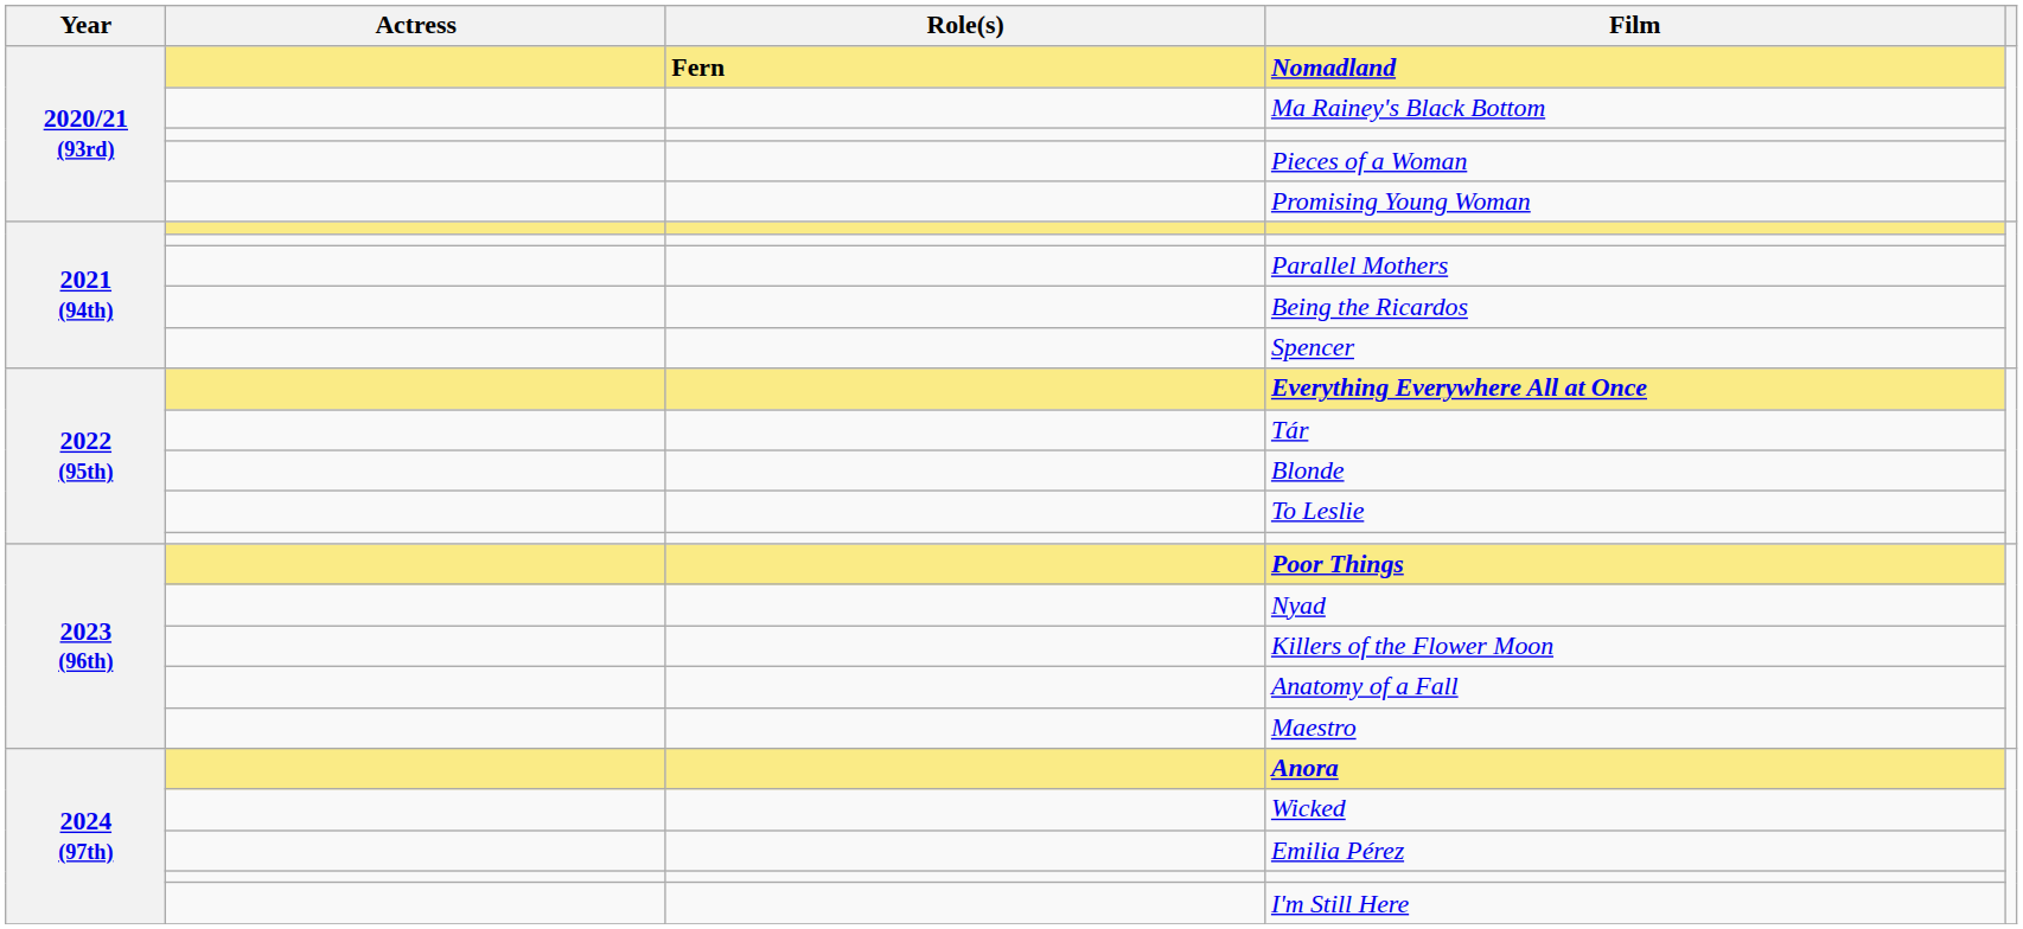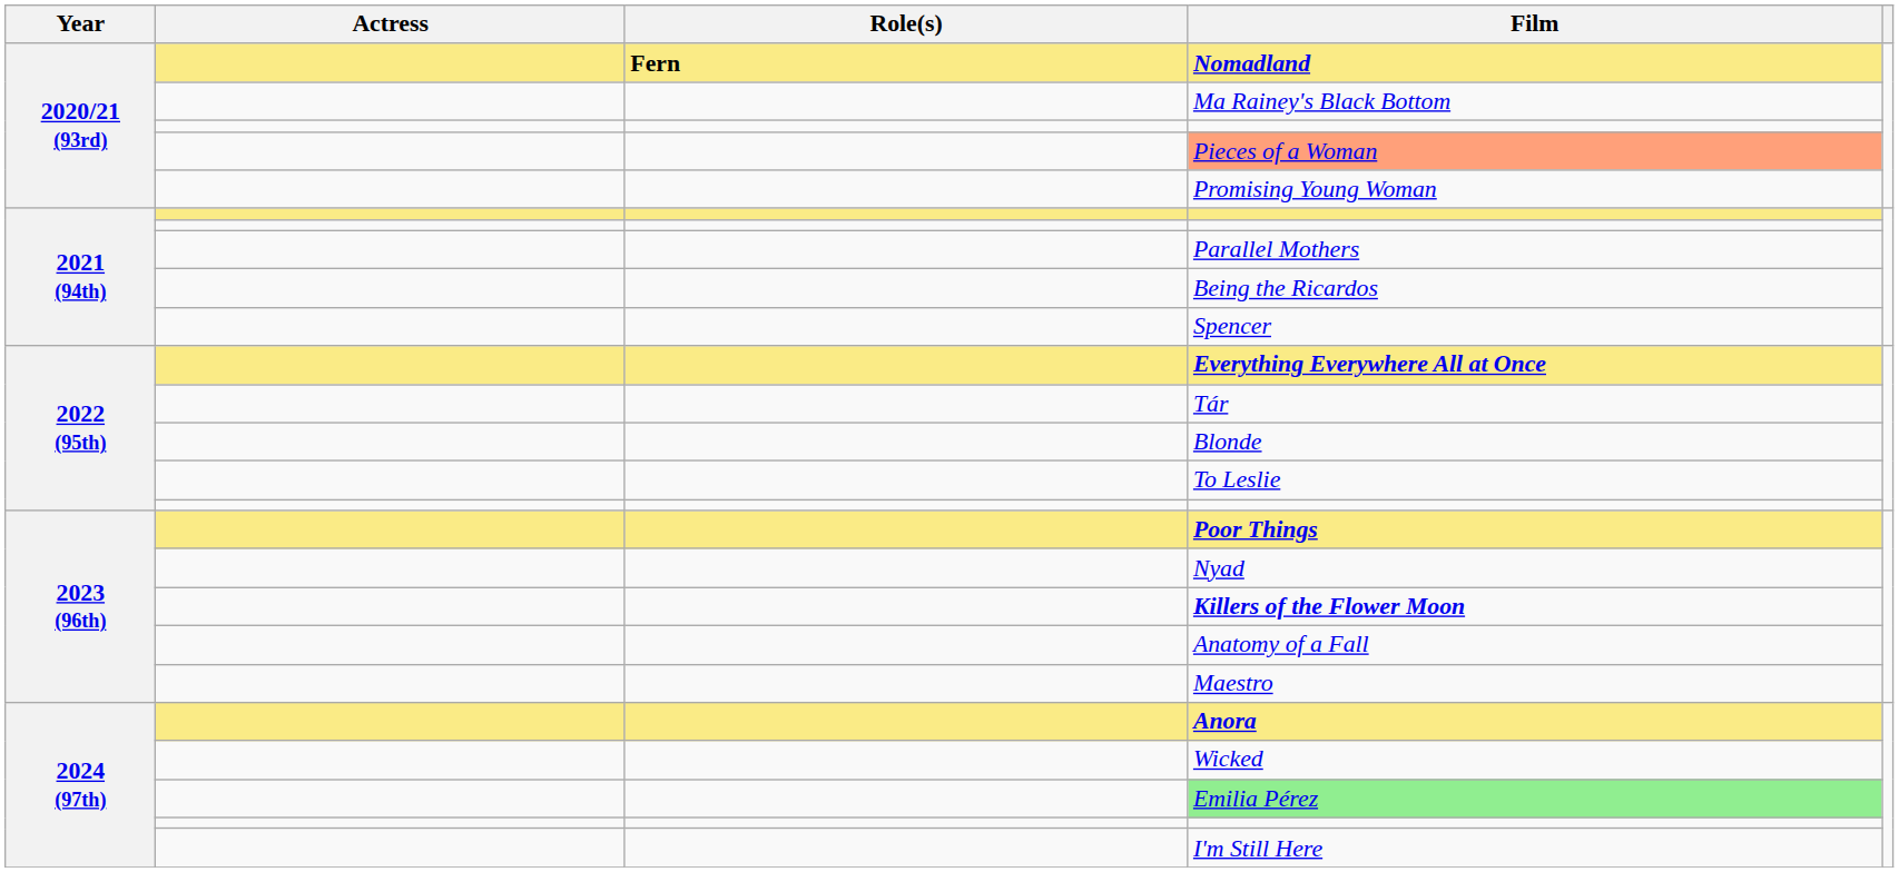 <table class="wikitable sortable">
 <tr>
 <th scope="col" style="width:8%;">Year</th>
 <th scope="col" style="width:25%;">Actress</th>
 <th scope="col" style="width:30%;">Role(s)</th>
 <th scope="col" style="width:70%;">Film</th>
 <th scope="col" style="width:2%;" class="unsortable"></th>
 </tr>
 <tr>
 <th scope="row" rowspan=5 style="text-align:center"><a href='#'>2020/21</a><br><small><a href='#'>(93rd)</a></small></th>
 <td style="background:#FAEB86;"><strong> </strong></td>
 <td style="background:#FAEB86;"><strong>Fern</strong></td>
 <td style="background:#FAEB86;"><strong><em><a href='#'>Nomadland</a></em></strong></td>
 <td rowspan="5"></td>
 </tr>
 <tr>
 <td></td>
 <td></td>
 <td><em><a href='#'>Ma Rainey's Black Bottom</a></em></td>
 </tr>
 <tr>
 <td></td>
 <td></td>
 <td></td>
 </tr>
 <tr>
 <td></td>
 <td></td>
-<td><em><a href='#'>Pieces of a Woman</a></em></td>
+<td style="background: lightsalmon;"><em><a href='#'>Pieces of a Woman</a></em></td>
 </tr>
 <tr>
 <td></td>
 <td></td>
 <td><em><a href='#'>Promising Young Woman</a></em></td>
 </tr>
 <tr>
 <th scope="row" rowspan=5 style="text-align:center"><a href='#'>2021</a><br><small><a href='#'>(94th)</a></small></th>
 <td style="background:#FAEB86;"><strong> </strong></td>
 <td style="background:#FAEB86;"><strong></strong></td>
 <td style="background:#FAEB86;"><strong></strong></td>
 <td rowspan="5"></td>
 </tr>
 <tr>
 <td></td>
 <td></td>
 <td></td>
 </tr>
 <tr>
 <td></td>
 <td></td>
 <td><em><a href='#'>Parallel Mothers</a></em></td>
 </tr>
 <tr>
 <td></td>
 <td></td>
 <td><em><a href='#'>Being the Ricardos</a></em></td>
 </tr>
 <tr>
 <td></td>
 <td></td>
 <td><em><a href='#'>Spencer</a></em></td>
 </tr>
 <tr>
 <th scope="row" rowspan=5 style="text-align:center"><a href='#'>2022</a><br><small><a href='#'>(95th)</a></small></th>
 <td style="background:#FAEB86;"><strong> </strong></td>
 <td style="background:#FAEB86;"><strong></strong></td>
 <td style="background:#FAEB86;"><strong><em><a href='#'>Everything Everywhere All at Once</a></em></strong></td>
 <td rowspan="5"></td>
 </tr>
 <tr>
 <td></td>
 <td></td>
 <td><em><a href='#'>Tár</a></em></td>
 </tr>
 <tr>
 <td></td>
 <td></td>
 <td><em><a href='#'>Blonde</a></em></td>
 </tr>
 <tr>
 <td></td>
 <td></td>
 <td><em><a href='#'>To Leslie</a></em></td>
 </tr>
 <tr>
 <td></td>
 <td></td>
 <td></td>
 </tr>
 <tr>
 <th scope="row" rowspan=5 style="text-align:center"><a href='#'>2023</a><br><small><a href='#'>(96th)</a></small></th>
 <td style="background:#FAEB86;"><strong> </strong></td>
 <td style="background:#FAEB86;"><strong></strong></td>
 <td style="background:#FAEB86;"><strong><em><a href='#'>Poor Things</a></em></strong></td>
 <td rowspan="5"></td>
 </tr>
 <tr>
 <td></td>
 <td></td>
 <td><em><a href='#'>Nyad</a></em></td>
 </tr>
 <tr>
 <td></td>
 <td></td>
-<td><em><a href='#'>Killers of the Flower Moon</a></em></td>
+<td><strong><em><a href='#'>Killers of the Flower Moon</a></em></strong></td>
 </tr>
 <tr>
 <td></td>
 <td></td>
 <td><em><a href='#'>Anatomy of a Fall</a></em></td>
 </tr>
 <tr>
 <td></td>
 <td></td>
 <td><em><a href='#'>Maestro</a></em></td>
 </tr>
 <tr>
 <th scope="row" rowspan=5 style="text-align:center"><a href='#'>2024</a><br><small><a href='#'>(97th)</a></small></th>
 <td style="background:#FAEB86;"><strong> </strong></td>
 <td style="background:#FAEB86;"><strong></strong></td>
 <td style="background:#FAEB86;"><strong><em><a href='#'>Anora</a></em></strong></td>
 <td rowspan="5"></td>
 </tr>
 <tr>
 <td></td>
 <td></td>
 <td><em><a href='#'>Wicked</a></em></td>
 </tr>
 <tr>
 <td></td>
 <td></td>
-<td><em><a href='#'>Emilia Pérez</a></em></td>
+<td style="background: lightgreen;"><em><a href='#'>Emilia Pérez</a></em></td>
 </tr>
 <tr>
 <td></td>
 <td></td>
 <td></td>
 </tr>
 <tr>
 <td></td>
 <td></td>
 <td><em><a href='#'>I'm Still Here</a></em></td>
 </tr>
 </table>
